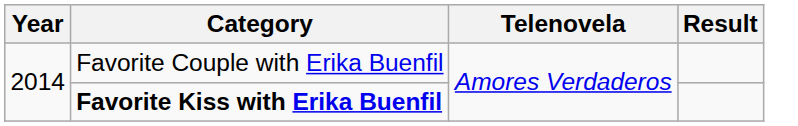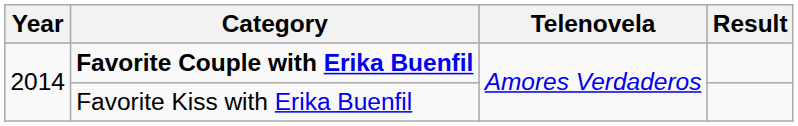 <table class="wikitable">
 <tr>
 <th>Year</th>
 <th>Category</th>
 <th>Telenovela</th>
 <th>Result</th>
 </tr>
 <tr>
 <td rowspan=2>2014</td>
-<td>Favorite Couple with <a href='#'>Erika Buenfil</a></td>
+<td><strong>Favorite Couple with <a href='#'>Erika Buenfil</a></strong></td>
 <td rowspan=2><em><a href='#'>Amores Verdaderos</a></em></td>
 <td></td>
 </tr>
 <tr>
-<td><strong>Favorite Kiss with <a href='#'>Erika Buenfil</a></strong></td>
+<td>Favorite Kiss with <a href='#'>Erika Buenfil</a></td>
 <td></td>
 </tr>
 </table>
